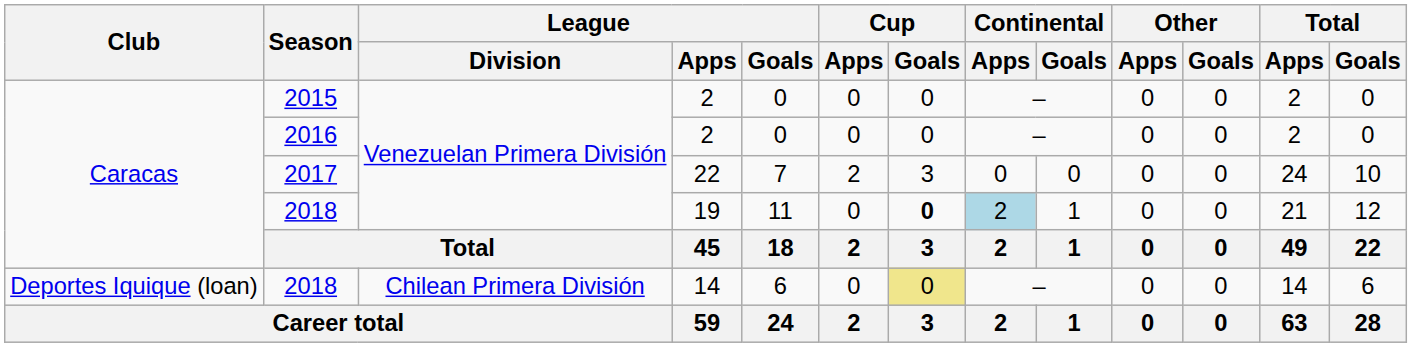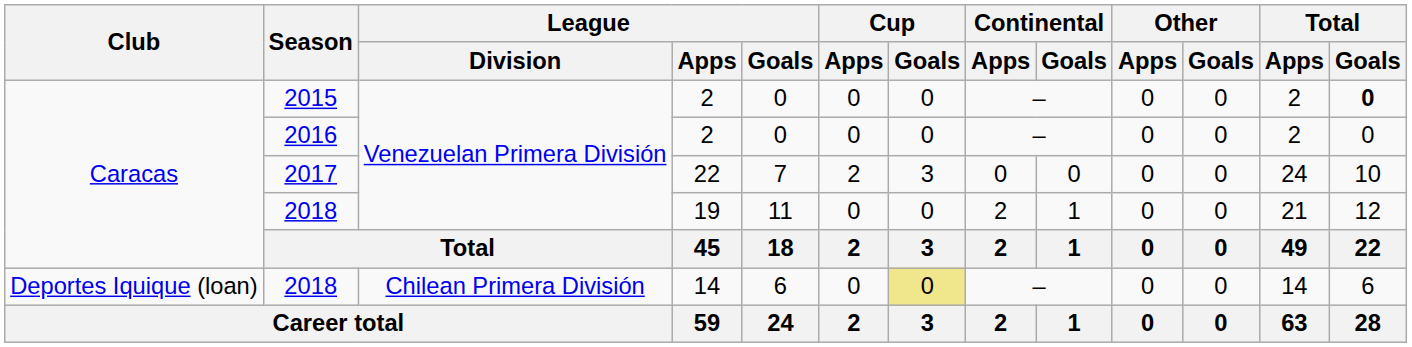 <table class="wikitable" style="text-align: center">
 <tr>
 <th rowspan="2">Club</th>
 <th rowspan="2">Season</th>
 <th colspan="3">League</th>
 <th colspan="2">Cup</th>
 <th colspan="2">Continental</th>
 <th colspan="2">Other</th>
 <th colspan="2">Total</th>
 </tr>
 <tr>
 <th>Division</th>
 <th>Apps</th>
 <th>Goals</th>
 <th>Apps</th>
 <th>Goals</th>
 <th>Apps</th>
 <th>Goals</th>
 <th>Apps</th>
 <th>Goals</th>
 <th>Apps</th>
 <th>Goals</th>
 </tr>
 <tr>
 <td rowspan="5"><a href='#'>Caracas</a></td>
 <td><a href='#'>2015</a></td>
 <td rowspan="4"><a href='#'>Venezuelan Primera División</a></td>
 <td>2</td>
 <td>0</td>
 <td>0</td>
 <td>0</td>
 <td colspan="2">–</td>
 <td>0</td>
 <td>0</td>
 <td>2</td>
-<td>0</td>
+<td><strong>0</strong></td>
 </tr>
 <tr>
 <td><a href='#'>2016</a></td>
 <td>2</td>
 <td>0</td>
 <td>0</td>
 <td>0</td>
 <td colspan="2">–</td>
 <td>0</td>
 <td>0</td>
 <td>2</td>
 <td>0</td>
 </tr>
 <tr>
 <td><a href='#'>2017</a></td>
 <td>22</td>
 <td>7</td>
 <td>2</td>
 <td>3</td>
 <td>0</td>
 <td>0</td>
 <td>0</td>
 <td>0</td>
 <td>24</td>
 <td>10</td>
 </tr>
 <tr>
 <td><a href='#'>2018</a></td>
 <td>19</td>
 <td>11</td>
 <td>0</td>
-<td><strong>0</strong></td>
-<td style="background: lightblue;">2</td>
+<td>0</td>
+<td>2</td>
 <td>1</td>
 <td>0</td>
 <td>0</td>
 <td>21</td>
 <td>12</td>
 </tr>
 <tr>
 <th colspan="2"><strong>Total</strong></th>
 <th>45</th>
 <th>18</th>
 <th>2</th>
 <th>3</th>
 <th>2</th>
 <th>1</th>
 <th>0</th>
 <th>0</th>
 <th>49</th>
 <th>22</th>
 </tr>
 <tr>
 <td><a href='#'>Deportes Iquique</a> (loan)</td>
 <td><a href='#'>2018</a></td>
 <td><a href='#'>Chilean Primera División</a></td>
 <td>14</td>
 <td>6</td>
 <td>0</td>
 <td style="background: khaki;">0</td>
 <td colspan="2">–</td>
 <td>0</td>
 <td>0</td>
 <td>14</td>
 <td>6</td>
 </tr>
 <tr>
 <th colspan="3"><strong>Career total</strong></th>
 <th>59</th>
 <th>24</th>
 <th>2</th>
 <th>3</th>
 <th>2</th>
 <th>1</th>
 <th>0</th>
 <th>0</th>
 <th>63</th>
 <th>28</th>
 </tr>
 </table>
